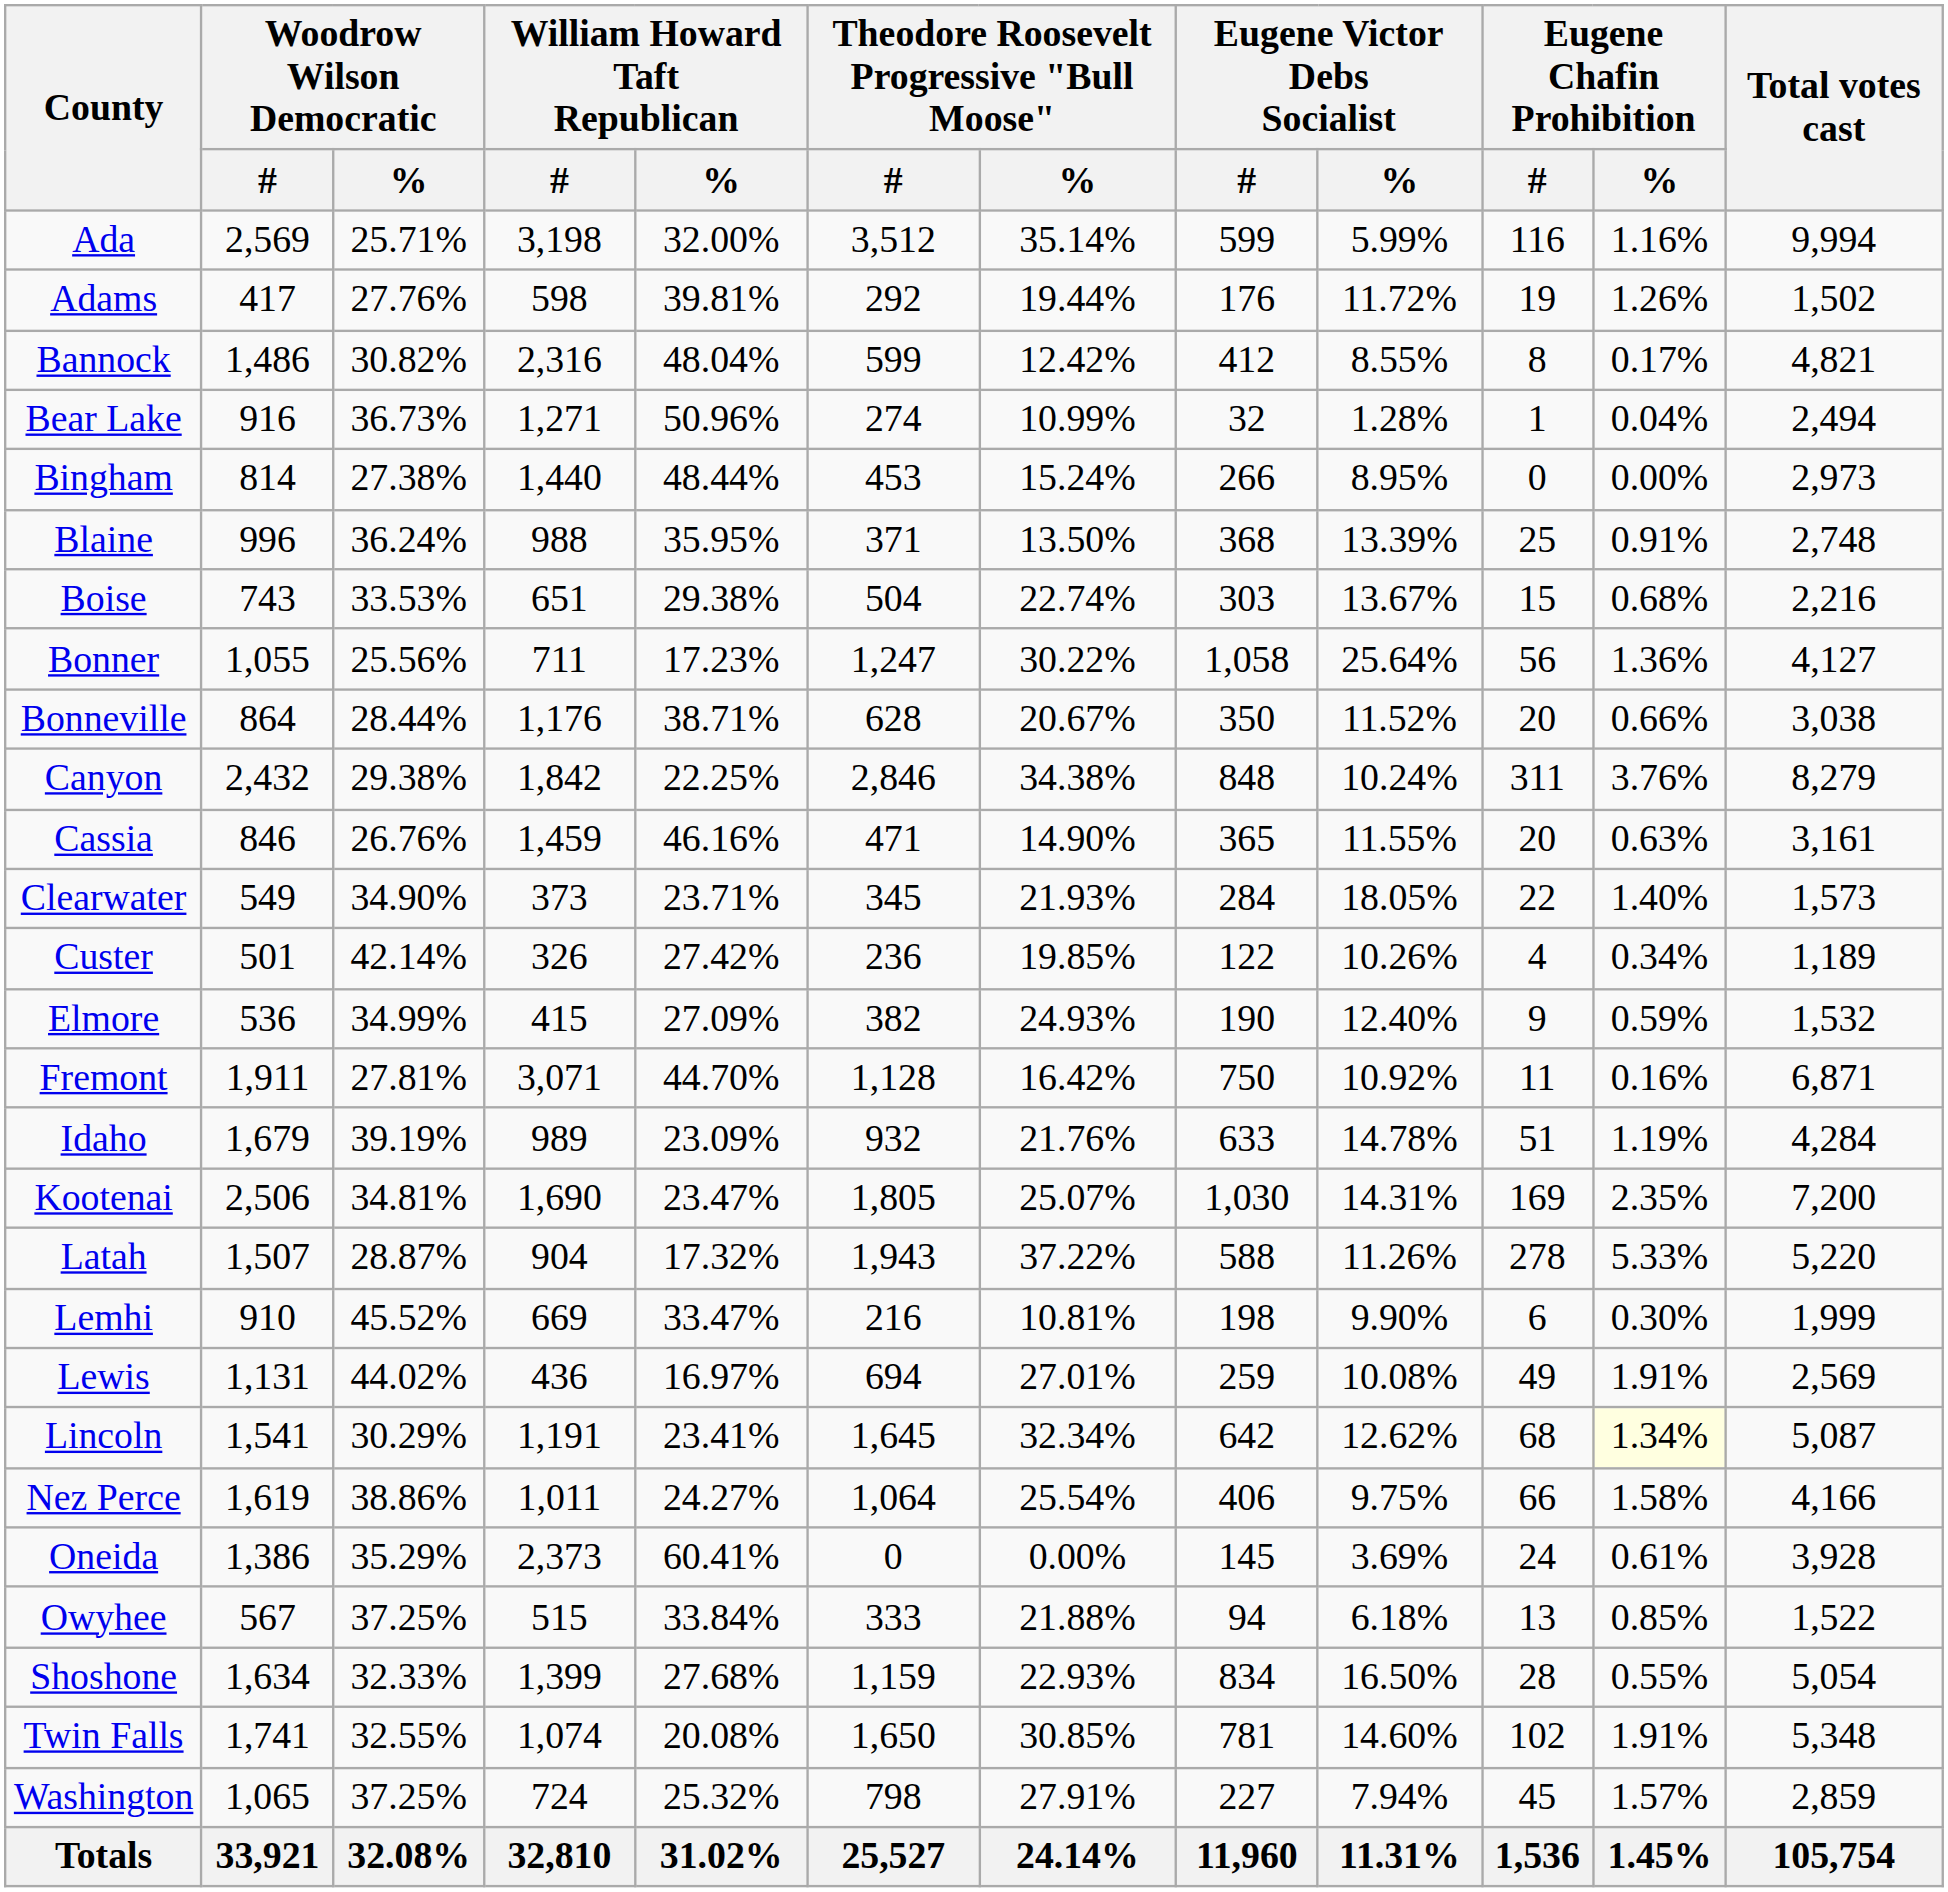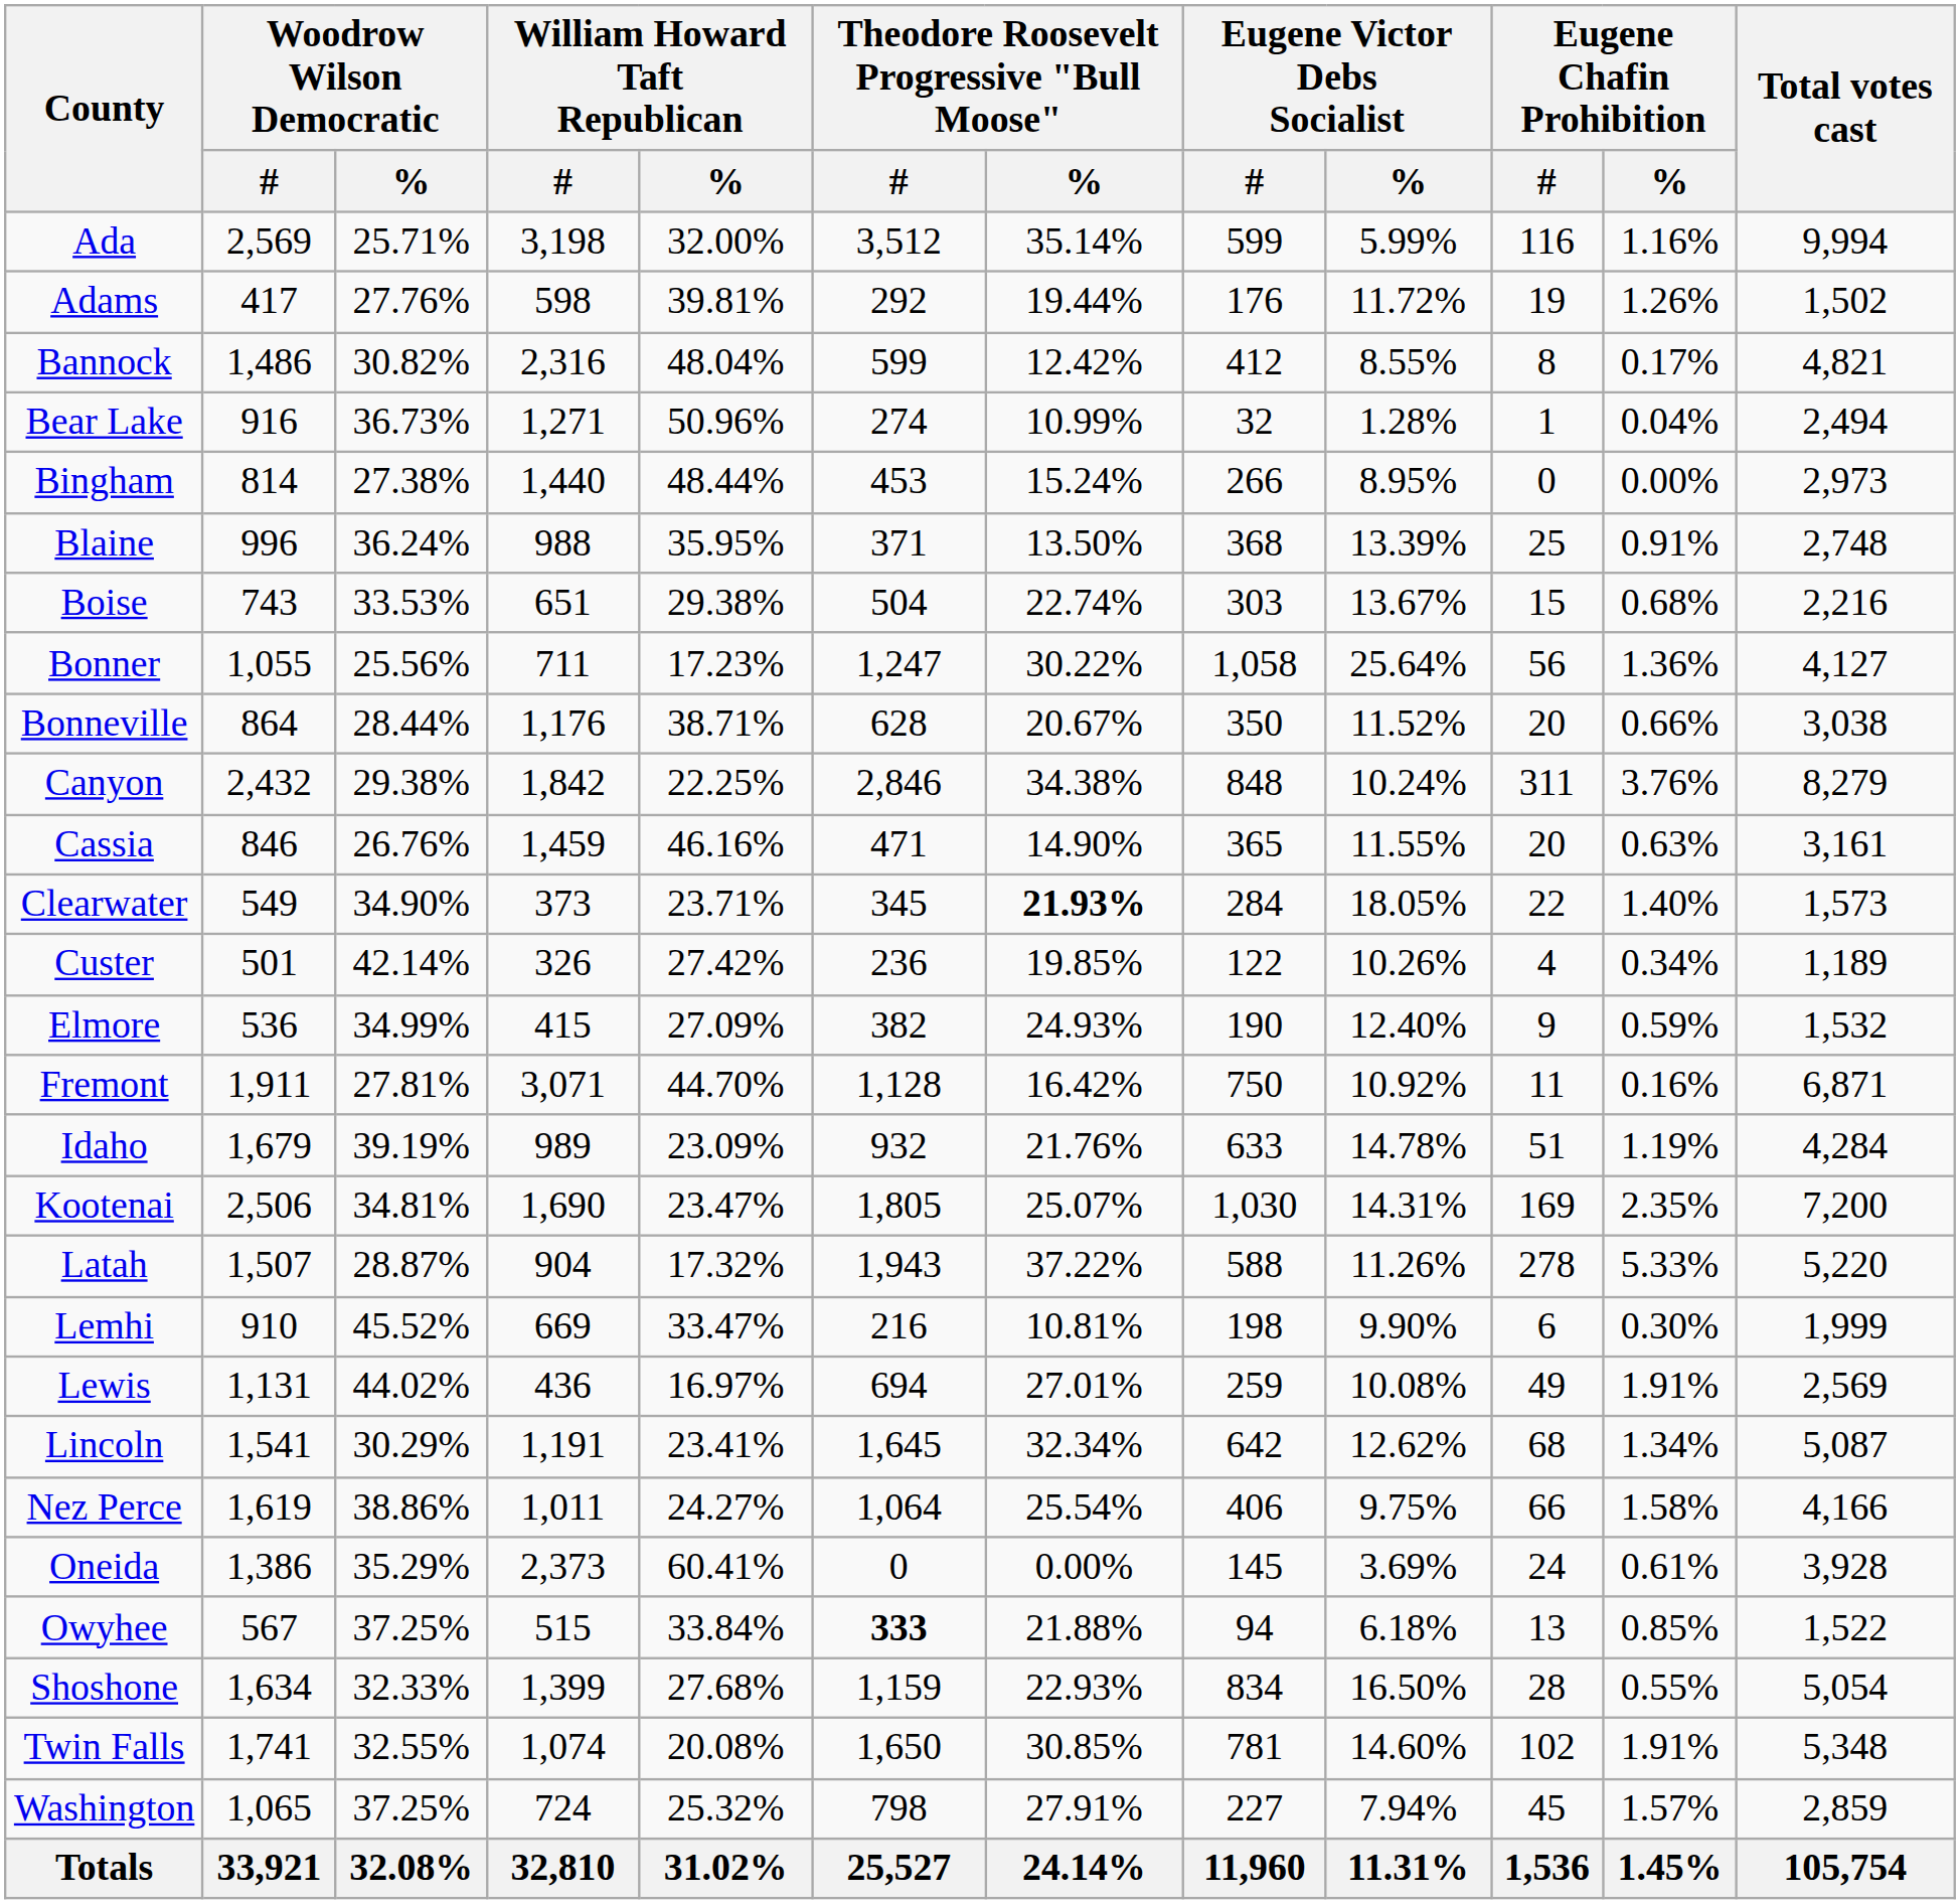 <table width="65%" class="wikitable sortable">
 <tr>
 <th style="text-align:center;" rowspan="2">County</th>
 <th style="text-align:center;" colspan="2">Woodrow Wilson<br>Democratic</th>
 <th style="text-align:center;" colspan="2">William Howard Taft<br>Republican</th>
 <th style="text-align:center;" colspan="2">Theodore Roosevelt<br>Progressive "Bull Moose"</th>
 <th style="text-align:center;" colspan="2">Eugene Victor Debs<br>Socialist</th>
 <th style="text-align:center;" colspan="2">Eugene Chafin<br>Prohibition</th>
 <th style="text-align:center;" rowspan="2">Total votes cast</th>
 </tr>
 <tr>
 <th style="text-align:center;" data-sort-type="number">#</th>
 <th style="text-align:center;" data-sort-type="number">%</th>
 <th style="text-align:center;" data-sort-type="number">#</th>
 <th style="text-align:center;" data-sort-type="number">%</th>
 <th style="text-align:center;" data-sort-type="number">#</th>
 <th style="text-align:center;" data-sort-type="number">%</th>
 <th style="text-align:center;" data-sort-type="number">#</th>
 <th style="text-align:center;" data-sort-type="number">%</th>
 <th style="text-align:center;" data-sort-type="number">#</th>
 <th style="text-align:center;" data-sort-type="number">%</th>
 </tr>
 <tr style="text-align:center;">
 <td><a href='#'>Ada</a></td>
 <td>2,569</td>
 <td>25.71%</td>
 <td>3,198</td>
 <td>32.00%</td>
 <td>3,512</td>
 <td>35.14%</td>
 <td>599</td>
 <td>5.99%</td>
 <td>116</td>
 <td>1.16%</td>
 <td>9,994</td>
 </tr>
 <tr style="text-align:center;">
 <td><a href='#'>Adams</a></td>
 <td>417</td>
 <td>27.76%</td>
 <td>598</td>
 <td>39.81%</td>
 <td>292</td>
 <td>19.44%</td>
 <td>176</td>
 <td>11.72%</td>
 <td>19</td>
 <td>1.26%</td>
 <td>1,502</td>
 </tr>
 <tr style="text-align:center;">
 <td><a href='#'>Bannock</a></td>
 <td>1,486</td>
 <td>30.82%</td>
 <td>2,316</td>
 <td>48.04%</td>
 <td>599</td>
 <td>12.42%</td>
 <td>412</td>
 <td>8.55%</td>
 <td>8</td>
 <td>0.17%</td>
 <td>4,821</td>
 </tr>
 <tr style="text-align:center;">
 <td><a href='#'>Bear Lake</a></td>
 <td>916</td>
 <td>36.73%</td>
 <td>1,271</td>
 <td>50.96%</td>
 <td>274</td>
 <td>10.99%</td>
 <td>32</td>
 <td>1.28%</td>
 <td>1</td>
 <td>0.04%</td>
 <td>2,494</td>
 </tr>
 <tr style="text-align:center;">
 <td><a href='#'>Bingham</a></td>
 <td>814</td>
 <td>27.38%</td>
 <td>1,440</td>
 <td>48.44%</td>
 <td>453</td>
 <td>15.24%</td>
 <td>266</td>
 <td>8.95%</td>
 <td>0</td>
 <td>0.00%</td>
 <td>2,973</td>
 </tr>
 <tr style="text-align:center;">
 <td><a href='#'>Blaine</a></td>
 <td>996</td>
 <td>36.24%</td>
 <td>988</td>
 <td>35.95%</td>
 <td>371</td>
 <td>13.50%</td>
 <td>368</td>
 <td>13.39%</td>
 <td>25</td>
 <td>0.91%</td>
 <td>2,748</td>
 </tr>
 <tr style="text-align:center;">
 <td><a href='#'>Boise</a></td>
 <td>743</td>
 <td>33.53%</td>
 <td>651</td>
 <td>29.38%</td>
 <td>504</td>
 <td>22.74%</td>
 <td>303</td>
 <td>13.67%</td>
 <td>15</td>
 <td>0.68%</td>
 <td>2,216</td>
 </tr>
 <tr style="text-align:center;">
 <td><a href='#'>Bonner</a></td>
 <td>1,055</td>
 <td>25.56%</td>
 <td>711</td>
 <td>17.23%</td>
 <td>1,247</td>
 <td>30.22%</td>
 <td>1,058</td>
 <td>25.64%</td>
 <td>56</td>
 <td>1.36%</td>
 <td>4,127</td>
 </tr>
 <tr style="text-align:center;">
 <td><a href='#'>Bonneville</a></td>
 <td>864</td>
 <td>28.44%</td>
 <td>1,176</td>
 <td>38.71%</td>
 <td>628</td>
 <td>20.67%</td>
 <td>350</td>
 <td>11.52%</td>
 <td>20</td>
 <td>0.66%</td>
 <td>3,038</td>
 </tr>
 <tr style="text-align:center;">
 <td><a href='#'>Canyon</a></td>
 <td>2,432</td>
 <td>29.38%</td>
 <td>1,842</td>
 <td>22.25%</td>
 <td>2,846</td>
 <td>34.38%</td>
 <td>848</td>
 <td>10.24%</td>
 <td>311</td>
 <td>3.76%</td>
 <td>8,279</td>
 </tr>
 <tr style="text-align:center;">
 <td><a href='#'>Cassia</a></td>
 <td>846</td>
 <td>26.76%</td>
 <td>1,459</td>
 <td>46.16%</td>
 <td>471</td>
 <td>14.90%</td>
 <td>365</td>
 <td>11.55%</td>
 <td>20</td>
 <td>0.63%</td>
 <td>3,161</td>
 </tr>
 <tr style="text-align:center;">
 <td><a href='#'>Clearwater</a></td>
 <td>549</td>
 <td>34.90%</td>
 <td>373</td>
 <td>23.71%</td>
 <td>345</td>
-<td>21.93%</td>
+<td><strong>21.93%</strong></td>
 <td>284</td>
 <td>18.05%</td>
 <td>22</td>
 <td>1.40%</td>
 <td>1,573</td>
 </tr>
 <tr style="text-align:center;">
 <td><a href='#'>Custer</a></td>
 <td>501</td>
 <td>42.14%</td>
 <td>326</td>
 <td>27.42%</td>
 <td>236</td>
 <td>19.85%</td>
 <td>122</td>
 <td>10.26%</td>
 <td>4</td>
 <td>0.34%</td>
 <td>1,189</td>
 </tr>
 <tr style="text-align:center;">
 <td><a href='#'>Elmore</a></td>
 <td>536</td>
 <td>34.99%</td>
 <td>415</td>
 <td>27.09%</td>
 <td>382</td>
 <td>24.93%</td>
 <td>190</td>
 <td>12.40%</td>
 <td>9</td>
 <td>0.59%</td>
 <td>1,532</td>
 </tr>
 <tr style="text-align:center;">
 <td><a href='#'>Fremont</a></td>
 <td>1,911</td>
 <td>27.81%</td>
 <td>3,071</td>
 <td>44.70%</td>
 <td>1,128</td>
 <td>16.42%</td>
 <td>750</td>
 <td>10.92%</td>
 <td>11</td>
 <td>0.16%</td>
 <td>6,871</td>
 </tr>
 <tr style="text-align:center;">
 <td><a href='#'>Idaho</a></td>
 <td>1,679</td>
 <td>39.19%</td>
 <td>989</td>
 <td>23.09%</td>
 <td>932</td>
 <td>21.76%</td>
 <td>633</td>
 <td>14.78%</td>
 <td>51</td>
 <td>1.19%</td>
 <td>4,284</td>
 </tr>
 <tr style="text-align:center;">
 <td><a href='#'>Kootenai</a></td>
 <td>2,506</td>
 <td>34.81%</td>
 <td>1,690</td>
 <td>23.47%</td>
 <td>1,805</td>
 <td>25.07%</td>
 <td>1,030</td>
 <td>14.31%</td>
 <td>169</td>
 <td>2.35%</td>
 <td>7,200</td>
 </tr>
 <tr style="text-align:center;">
 <td><a href='#'>Latah</a></td>
 <td>1,507</td>
 <td>28.87%</td>
 <td>904</td>
 <td>17.32%</td>
 <td>1,943</td>
 <td>37.22%</td>
 <td>588</td>
 <td>11.26%</td>
 <td>278</td>
 <td>5.33%</td>
 <td>5,220</td>
 </tr>
 <tr style="text-align:center;">
 <td><a href='#'>Lemhi</a></td>
 <td>910</td>
 <td>45.52%</td>
 <td>669</td>
 <td>33.47%</td>
 <td>216</td>
 <td>10.81%</td>
 <td>198</td>
 <td>9.90%</td>
 <td>6</td>
 <td>0.30%</td>
 <td>1,999</td>
 </tr>
 <tr style="text-align:center;">
 <td><a href='#'>Lewis</a></td>
 <td>1,131</td>
 <td>44.02%</td>
 <td>436</td>
 <td>16.97%</td>
 <td>694</td>
 <td>27.01%</td>
 <td>259</td>
 <td>10.08%</td>
 <td>49</td>
 <td>1.91%</td>
 <td>2,569</td>
 </tr>
 <tr style="text-align:center;">
 <td><a href='#'>Lincoln</a></td>
 <td>1,541</td>
 <td>30.29%</td>
 <td>1,191</td>
 <td>23.41%</td>
 <td>1,645</td>
 <td>32.34%</td>
 <td>642</td>
 <td>12.62%</td>
 <td>68</td>
-<td style="background: lightyellow;">1.34%</td>
+<td>1.34%</td>
 <td>5,087</td>
 </tr>
 <tr style="text-align:center;">
 <td><a href='#'>Nez Perce</a></td>
 <td>1,619</td>
 <td>38.86%</td>
 <td>1,011</td>
 <td>24.27%</td>
 <td>1,064</td>
 <td>25.54%</td>
 <td>406</td>
 <td>9.75%</td>
 <td>66</td>
 <td>1.58%</td>
 <td>4,166</td>
 </tr>
 <tr style="text-align:center;">
 <td><a href='#'>Oneida</a></td>
 <td>1,386</td>
 <td>35.29%</td>
 <td>2,373</td>
 <td>60.41%</td>
 <td>0</td>
 <td>0.00%</td>
 <td>145</td>
 <td>3.69%</td>
 <td>24</td>
 <td>0.61%</td>
 <td>3,928</td>
 </tr>
 <tr style="text-align:center;">
 <td><a href='#'>Owyhee</a></td>
 <td>567</td>
 <td>37.25%</td>
 <td>515</td>
 <td>33.84%</td>
-<td>333</td>
+<td><strong>333</strong></td>
 <td>21.88%</td>
 <td>94</td>
 <td>6.18%</td>
 <td>13</td>
 <td>0.85%</td>
 <td>1,522</td>
 </tr>
 <tr style="text-align:center;">
 <td><a href='#'>Shoshone</a></td>
 <td>1,634</td>
 <td>32.33%</td>
 <td>1,399</td>
 <td>27.68%</td>
 <td>1,159</td>
 <td>22.93%</td>
 <td>834</td>
 <td>16.50%</td>
 <td>28</td>
 <td>0.55%</td>
 <td>5,054</td>
 </tr>
 <tr style="text-align:center;">
 <td><a href='#'>Twin Falls</a></td>
 <td>1,741</td>
 <td>32.55%</td>
 <td>1,074</td>
 <td>20.08%</td>
 <td>1,650</td>
 <td>30.85%</td>
 <td>781</td>
 <td>14.60%</td>
 <td>102</td>
 <td>1.91%</td>
 <td>5,348</td>
 </tr>
 <tr style="text-align:center;">
 <td><a href='#'>Washington</a></td>
 <td>1,065</td>
 <td>37.25%</td>
 <td>724</td>
 <td>25.32%</td>
 <td>798</td>
 <td>27.91%</td>
 <td>227</td>
 <td>7.94%</td>
 <td>45</td>
 <td>1.57%</td>
 <td>2,859</td>
 </tr>
 <tr style="text-align:center;">
 <th>Totals</th>
 <th>33,921</th>
 <th>32.08%</th>
 <th>32,810</th>
 <th>31.02%</th>
 <th>25,527</th>
 <th>24.14%</th>
 <th>11,960</th>
 <th>11.31%</th>
 <th>1,536</th>
 <th>1.45%</th>
 <th>105,754</th>
 </tr>
 </table>
